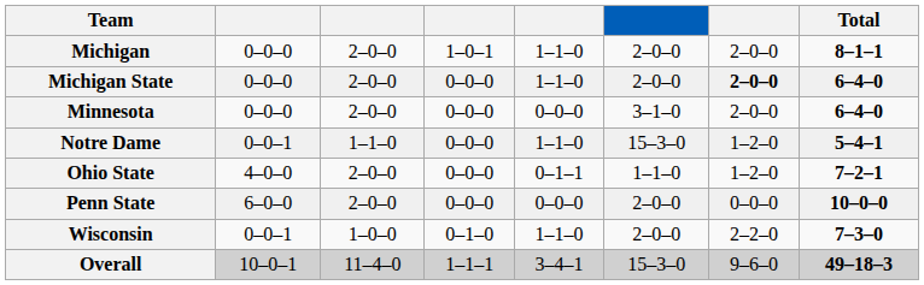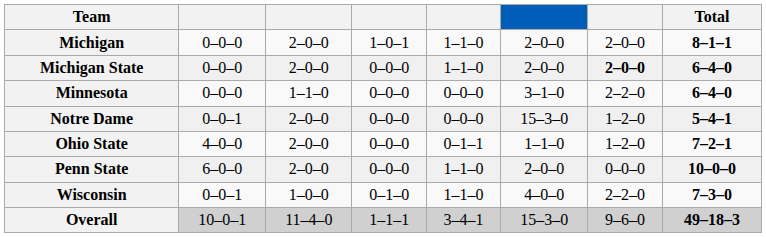 <table class="wikitable" style="text-align: center; "width=60%">
 <tr>
 <th>Team</th>
 <th><a href='#'></a></th>
 <th><a href='#'></a></th>
 <th><a href='#'></a></th>
 <th><a href='#'></a></th>
 <th style="color:white; background:#005EB8"><a href='#'></a></th>
 <th><a href='#'></a></th>
 <th>Total</th>
 </tr>
 <tr>
 <th>Michigan</th>
 <td>0–0–0</td>
 <td>2–0–0</td>
 <td>1–0–1</td>
 <td>1–1–0</td>
 <td>2–0–0</td>
 <td>2–0–0</td>
 <td><strong>8–1–1</strong></td>
 </tr>
 <tr bgcolor=f0f0f0>
 <th>Michigan State</th>
 <td>0–0–0</td>
 <td>2–0–0</td>
 <td>0–0–0</td>
 <td>1–1–0</td>
 <td>2–0–0</td>
 <td><strong>2–0–0</strong></td>
 <td><strong>6–4–0</strong></td>
 </tr>
 <tr>
 <th>Minnesota</th>
 <td>0–0–0</td>
-<td>2–0–0</td>
+<td>1–1–0</td>
 <td>0–0–0</td>
 <td>0–0–0</td>
 <td>3–1–0</td>
-<td>2–0–0</td>
+<td>2–2–0</td>
 <td><strong>6–4–0</strong></td>
 </tr>
 <tr bgcolor=f0f0f0>
 <th>Notre Dame</th>
 <td>0–0–1</td>
-<td>1–1–0</td>
+<td>2–0–0</td>
 <td>0–0–0</td>
-<td>1–1–0</td>
+<td>0–0–0</td>
 <td>15–3–0</td>
 <td>1–2–0</td>
 <td><strong>5–4–1</strong></td>
 </tr>
 <tr>
 <th>Ohio State</th>
 <td>4–0–0</td>
 <td>2–0–0</td>
 <td>0–0–0</td>
 <td>0–1–1</td>
 <td>1–1–0</td>
 <td>1–2–0</td>
 <td><strong>7–2–1</strong></td>
 </tr>
 <tr bgcolor=f0f0f0>
 <th>Penn State</th>
 <td>6–0–0</td>
 <td>2–0–0</td>
 <td>0–0–0</td>
-<td>0–0–0</td>
+<td>1–1–0</td>
 <td>2–0–0</td>
 <td>0–0–0</td>
 <td><strong>10–0–0</strong></td>
 </tr>
 <tr>
 <th>Wisconsin</th>
 <td>0–0–1</td>
 <td>1–0–0</td>
 <td>0–1–0</td>
 <td>1–1–0</td>
-<td>2–0–0</td>
+<td>4–0–0</td>
 <td>2–2–0</td>
 <td><strong>7–3–0</strong></td>
 </tr>
 <tr bgcolor=d0d0d0>
 <th>Overall</th>
 <td>10–0–1</td>
 <td>11–4–0</td>
 <td>1–1–1</td>
 <td>3–4–1</td>
 <td>15–3–0</td>
 <td>9–6–0</td>
 <td><strong>49–18–3</strong></td>
 </tr>
 <tr>
 </tr>
 </table>
